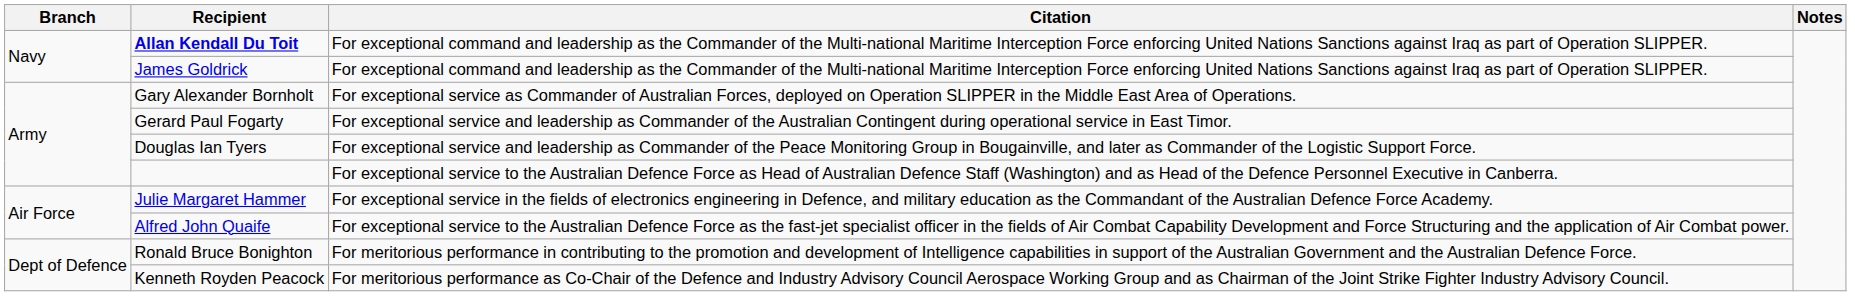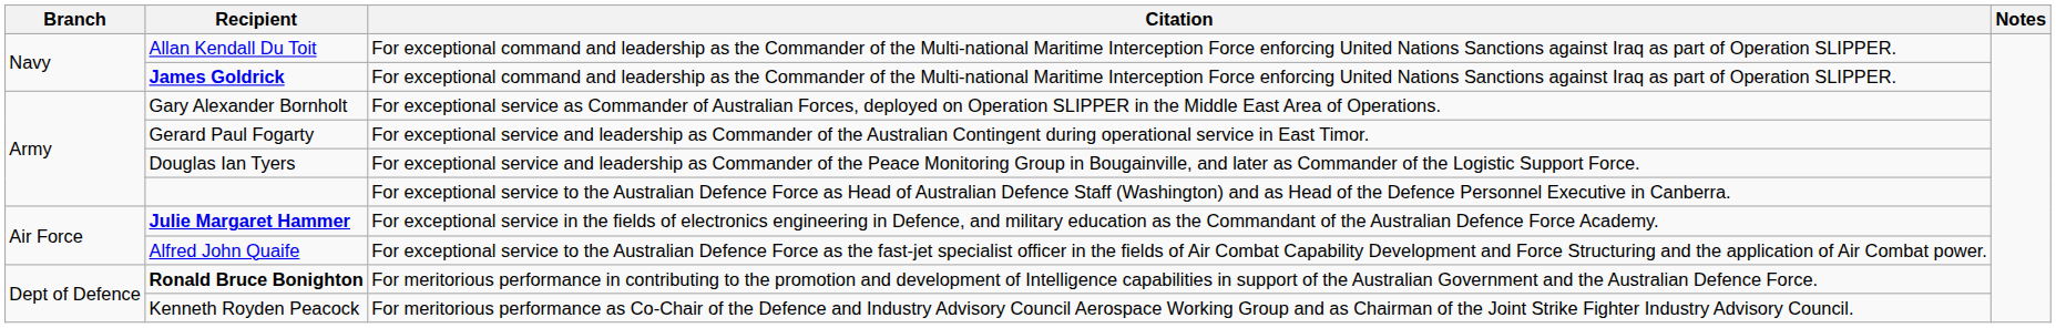 <table class="wikitable" style="font-size:95%;">
 <tr>
 <th>Branch</th>
 <th>Recipient</th>
 <th>Citation</th>
 <th>Notes</th>
 </tr>
 <tr>
 <td rowspan=2>Navy</td>
-<td><strong> <a href='#'>Allan Kendall Du Toit</a></strong></td>
+<td> <a href='#'>Allan Kendall Du Toit</a></td>
 <td>For exceptional command and leadership as the Commander of the Multi-national Maritime Interception Force enforcing United Nations Sanctions against Iraq as part of Operation SLIPPER.</td>
 <td rowspan=15></td>
 </tr>
 <tr>
-<td> <a href='#'>James Goldrick</a> </td>
+<td><strong> <a href='#'>James Goldrick</a> </strong></td>
 <td>For exceptional command and leadership as the Commander of the Multi-national Maritime Interception Force enforcing United Nations Sanctions against Iraq as part of Operation SLIPPER.</td>
 </tr>
 <tr>
 <td rowspan=4>Army</td>
 <td> Gary Alexander Bornholt </td>
 <td>For exceptional service as Commander of Australian Forces, deployed on Operation SLIPPER in the Middle East Area of Operations.</td>
 </tr>
 <tr>
 <td> Gerard Paul Fogarty</td>
 <td>For exceptional service and leadership as Commander of the Australian Contingent during operational service in East Timor.</td>
 </tr>
 <tr>
 <td> Douglas Ian Tyers</td>
 <td>For exceptional service and leadership as Commander of the Peace Monitoring Group in Bougainville, and later as Commander of the Logistic Support Force.</td>
 </tr>
 <tr>
 <td> </td>
 <td>For exceptional service to the Australian Defence Force as Head of Australian Defence Staff (Washington) and as Head of the Defence Personnel Executive in Canberra.</td>
 </tr>
 <tr>
 <td rowspan=2>Air Force</td>
-<td> <a href='#'>Julie Margaret Hammer</a> </td>
+<td><strong> <a href='#'>Julie Margaret Hammer</a> </strong></td>
 <td>For exceptional service in the fields of electronics engineering in Defence, and military education as the Commandant of the Australian Defence Force Academy.</td>
 </tr>
 <tr>
 <td> <a href='#'>Alfred John Quaife</a></td>
 <td>For exceptional service to the Australian Defence Force as the fast-jet specialist officer in the fields of Air Combat Capability Development and Force Structuring and the application of Air Combat power.</td>
 </tr>
 <tr>
 <td rowspan=2>Dept of Defence</td>
-<td>Ronald Bruce Bonighton</td>
+<td><strong>Ronald Bruce Bonighton</strong></td>
 <td>For meritorious performance in contributing to the promotion and development of Intelligence capabilities in support of the Australian Government and the Australian Defence Force.</td>
 </tr>
 <tr>
 <td>Kenneth Royden Peacock</td>
 <td>For meritorious performance as Co-Chair of the Defence and Industry Advisory Council Aerospace Working Group and as Chairman of the Joint Strike Fighter Industry Advisory Council.</td>
 </tr>
 </table>
